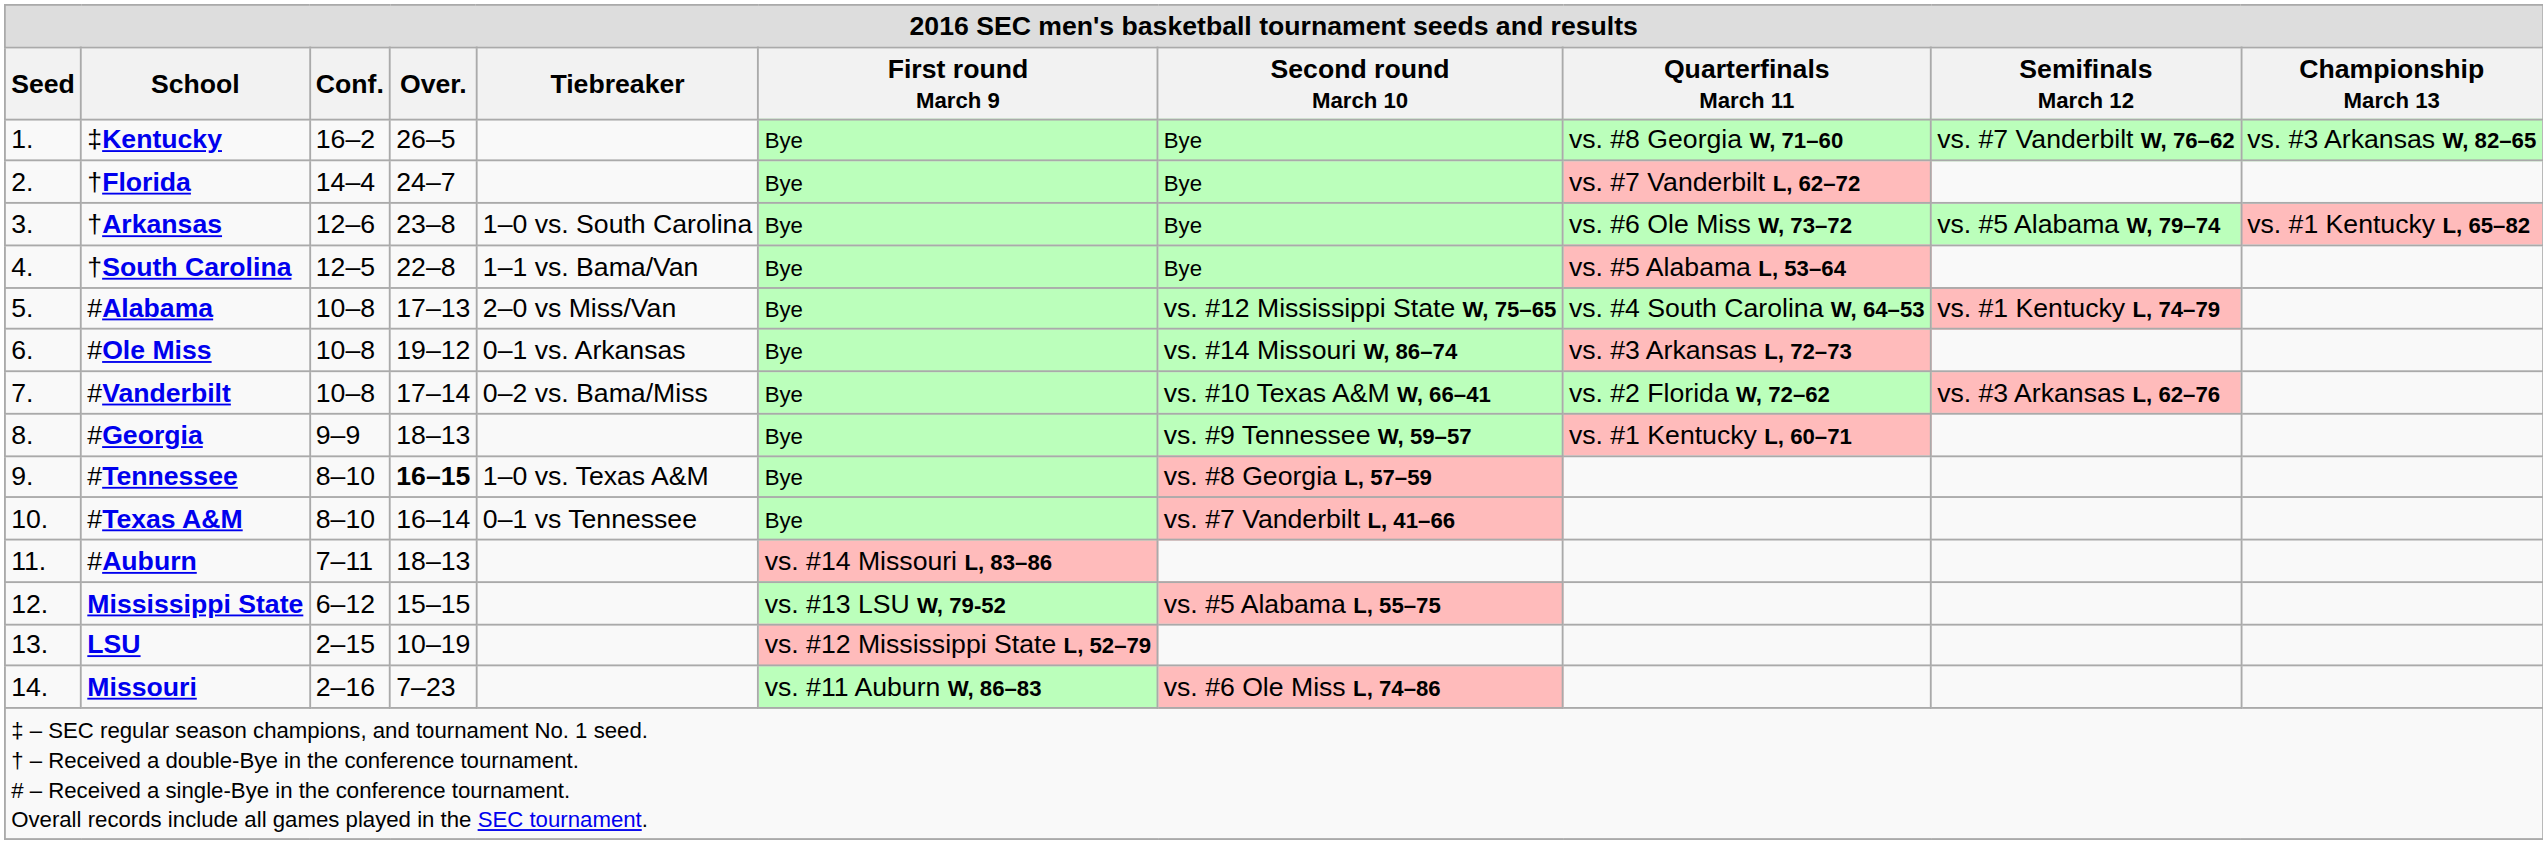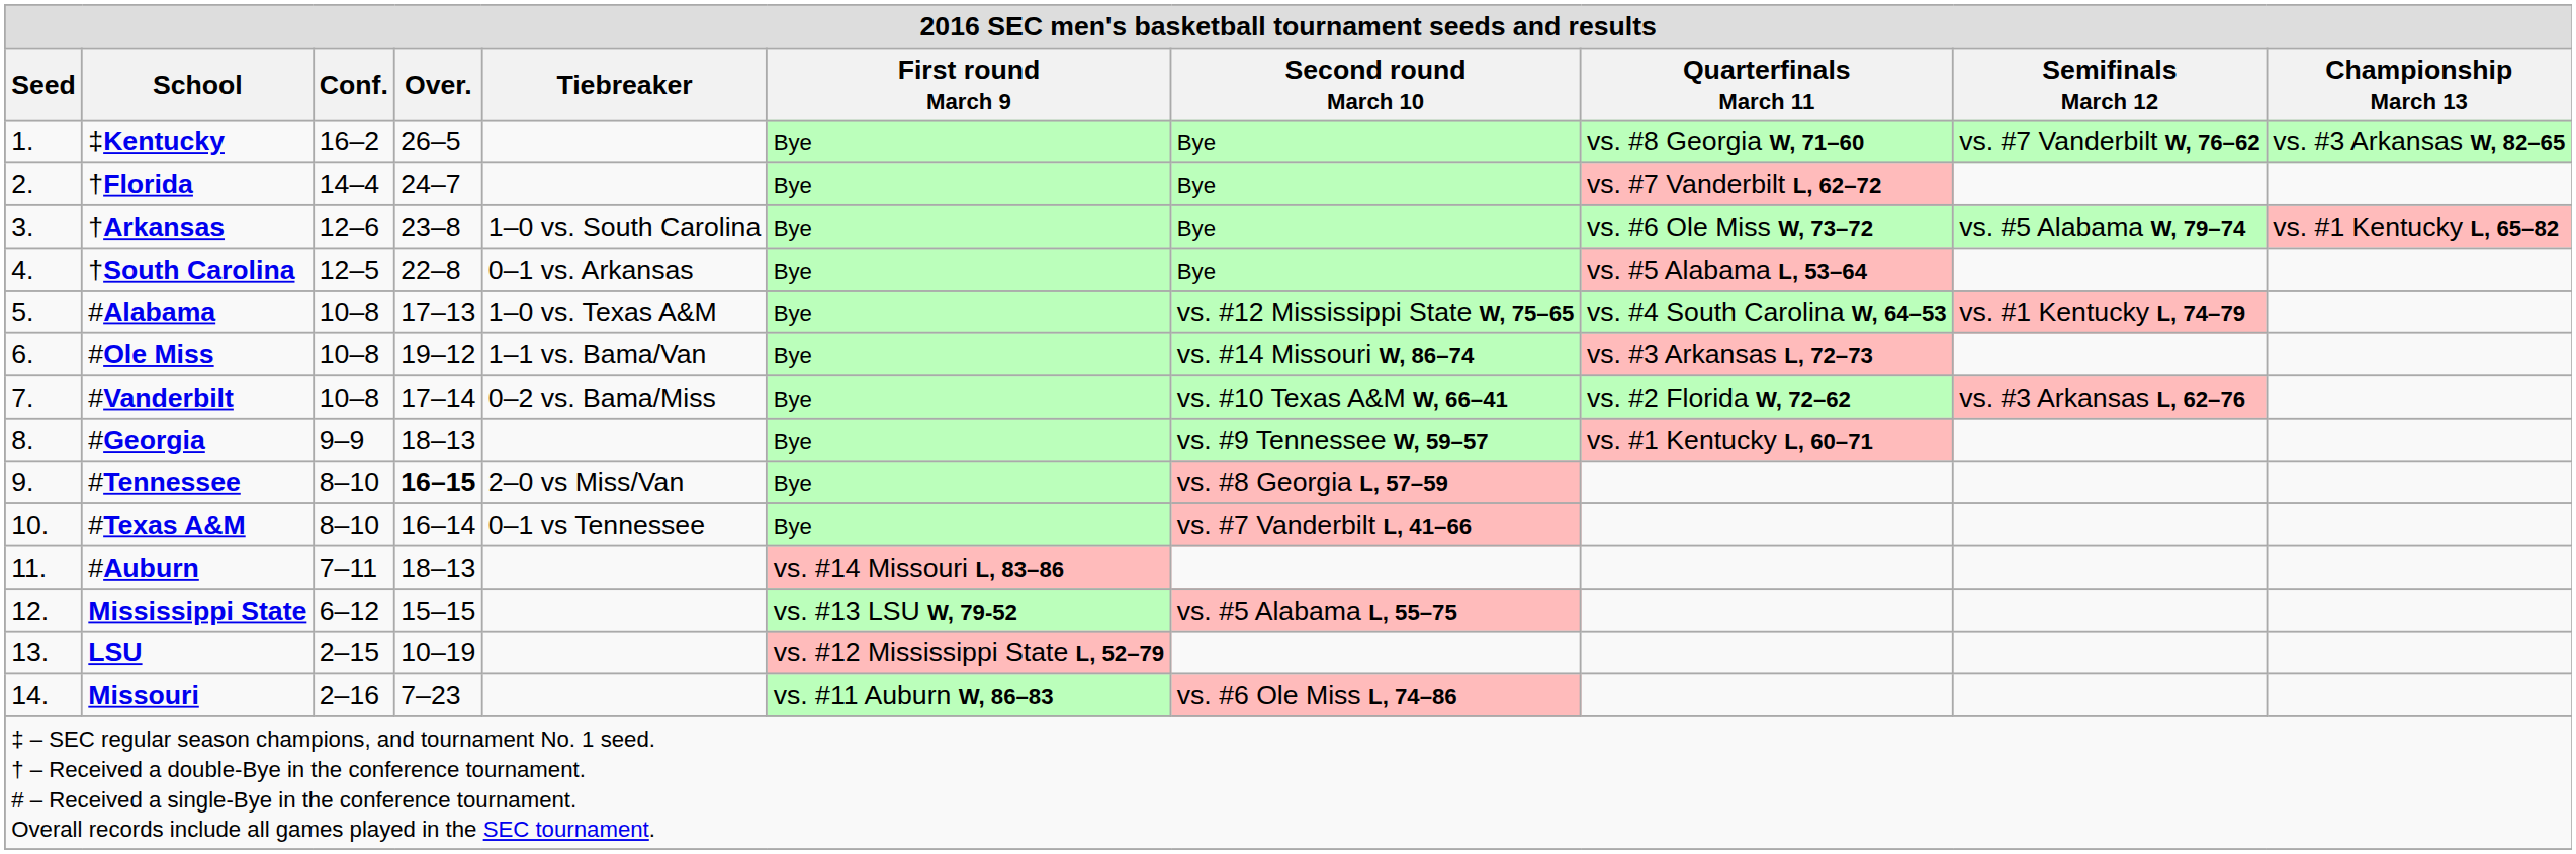 <table class="wikitable" style="white-space:nowrap; font-size:90%;">
 <tr>
 <td colspan="10" style="text-align:center; background:#DDDDDD; font:#000000"><strong>2016 SEC men's basketball tournament seeds and results</strong></td>
 </tr>
 <tr bgcolor="#efefef">
 <th>Seed</th>
 <th>School</th>
 <th>Conf.</th>
 <th>Over.</th>
 <th>Tiebreaker</th>
 <th>First round<br><small>March 9</small></th>
 <th>Second round<br><small>March 10</small></th>
 <th>Quarterfinals<br><small>March 11</small></th>
 <th>Semifinals<br><small>March 12</small></th>
 <th>Championship<br><small>March 13</small></th>
 </tr>
 <tr>
 <td>1.</td>
 <td>‡<strong><a href='#'>Kentucky</a></strong></td>
 <td>16–2</td>
 <td>26–5</td>
 <td></td>
 <td style="background:#bfb;"><small>Bye</small></td>
 <td style="background:#bfb;"><small>Bye</small></td>
 <td style="background:#bfb;">vs. #8 Georgia <small><strong>W, 71–60</strong></small></td>
 <td style="background:#bfb;">vs. #7 Vanderbilt <small><strong>W, 76–62</strong></small></td>
 <td style="background:#bfb;">vs. #3 Arkansas <small><strong>W, 82–65</strong></small></td>
 </tr>
 <tr>
 <td>2.</td>
 <td>†<strong><a href='#'>Florida</a></strong></td>
 <td>14–4</td>
 <td>24–7</td>
 <td></td>
 <td style="background:#bfb;"><small>Bye</small></td>
 <td style="background:#bfb;"><small>Bye</small></td>
 <td style="background:#fbb;">vs. #7 Vanderbilt <small><strong>L, 62–72</strong></small></td>
 <td></td>
 <td></td>
 </tr>
 <tr>
 <td>3.</td>
 <td>†<strong><a href='#'>Arkansas</a></strong></td>
 <td>12–6</td>
 <td>23–8</td>
 <td>1–0 vs. South Carolina</td>
 <td style="background:#bfb;"><small>Bye</small></td>
 <td style="background:#bfb;"><small>Bye</small></td>
 <td style="background:#bfb;">vs. #6 Ole Miss <small><strong>W, 73–72</strong></small></td>
 <td style="background:#bfb;">vs. #5 Alabama <small><strong>W, 79–74</strong></small></td>
 <td style="background:#fbb;">vs. #1 Kentucky <small><strong>L, 65–82</strong></small></td>
 </tr>
 <tr>
 <td>4.</td>
 <td>†<strong><a href='#'>South Carolina</a> </strong></td>
 <td>12–5</td>
 <td>22–8</td>
-<td>1–1 vs. Bama/Van</td>
+<td>0–1 vs. Arkansas</td>
 <td style="background:#bfb;"><small>Bye</small></td>
 <td style="background:#bfb;"><small>Bye</small></td>
 <td style="background:#fbb;">vs. #5 Alabama <small><strong>L, 53–64</strong></small></td>
 <td></td>
 <td></td>
 </tr>
 <tr>
 <td>5.</td>
 <td>#<strong><a href='#'>Alabama</a></strong></td>
 <td>10–8</td>
 <td>17–13</td>
-<td>2–0 vs Miss/Van</td>
+<td>1–0 vs. Texas A&M</td>
 <td style="background:#bfb;"><small>Bye</small></td>
 <td style="background:#bfb;">vs. #12 Mississippi State <small><strong>W, 75–65</strong></small></td>
 <td style="background:#bfb;">vs. #4 South Carolina <small><strong>W, 64–53</strong></small></td>
 <td style="background:#fbb;">vs. #1 Kentucky <small><strong>L, 74–79</strong></small></td>
 <td></td>
 </tr>
 <tr>
 <td>6.</td>
 <td>#<strong><a href='#'>Ole Miss</a></strong></td>
 <td>10–8</td>
 <td>19–12</td>
-<td>0–1 vs. Arkansas</td>
+<td>1–1 vs. Bama/Van</td>
 <td style="background:#bfb;"><small>Bye</small></td>
 <td style="background:#bfb;">vs. #14 Missouri <small><strong>W, 86–74</strong></small></td>
 <td style="background:#fbb;">vs. #3 Arkansas <small><strong>L, 72–73</strong></small></td>
 <td></td>
 <td></td>
 </tr>
 <tr>
 <td>7.</td>
 <td>#<strong><a href='#'>Vanderbilt</a></strong></td>
 <td>10–8</td>
 <td>17–14</td>
 <td>0–2 vs. Bama/Miss</td>
 <td style="background:#bfb;"><small>Bye</small></td>
 <td style="background:#bfb;">vs. #10 Texas A&M <small><strong>W, 66–41</strong></small></td>
 <td style="background:#bfb;">vs. #2 Florida <small><strong>W, 72–62</strong></small></td>
 <td style="background:#fbb;">vs. #3 Arkansas <small><strong>L, 62–76</strong></small></td>
 <td></td>
 </tr>
 <tr>
 <td>8.</td>
 <td>#<strong><a href='#'>Georgia</a></strong></td>
 <td>9–9</td>
 <td>18–13</td>
 <td></td>
 <td style="background:#bfb;"><small>Bye</small></td>
 <td style="background:#bfb;">vs. #9 Tennessee <small><strong>W, 59–57</strong></small></td>
 <td style="background:#fbb;">vs. #1 Kentucky <small><strong>L, 60–71</strong></small></td>
 <td></td>
 <td></td>
 </tr>
 <tr>
 <td>9.</td>
 <td>#<strong><a href='#'>Tennessee</a></strong></td>
 <td>8–10</td>
 <td><strong>16–15</strong></td>
-<td>1–0 vs. Texas A&M</td>
+<td>2–0 vs Miss/Van</td>
 <td style="background:#bfb;"><small>Bye</small></td>
 <td style="background:#fbb;">vs. #8 Georgia <small><strong>L, 57–59</strong></small></td>
 <td></td>
 <td></td>
 <td></td>
 </tr>
 <tr>
 <td>10.</td>
 <td>#<strong><a href='#'>Texas A&M</a></strong></td>
 <td>8–10</td>
 <td>16–14</td>
 <td>0–1 vs Tennessee</td>
 <td style="background:#bfb;"><small>Bye</small></td>
 <td style="background:#fbb;">vs. #7 Vanderbilt <small><strong>L, 41–66</strong></small></td>
 <td></td>
 <td></td>
 <td></td>
 </tr>
 <tr>
 <td>11.</td>
 <td>#<strong><a href='#'>Auburn</a></strong></td>
 <td>7–11</td>
 <td>18–13</td>
 <td></td>
 <td style="background:#fbb;">vs. #14 Missouri <small><strong>L, 83–86</strong></small></td>
 <td></td>
 <td></td>
 <td></td>
 <td></td>
 </tr>
 <tr>
 <td>12.</td>
 <td><strong><a href='#'>Mississippi State</a></strong></td>
 <td>6–12</td>
 <td>15–15</td>
 <td></td>
 <td style="background:#bfb;">vs. #13 LSU <small><strong>W, 79-52</strong></small></td>
 <td style="background:#fbb;">vs. #5 Alabama <small><strong>L, 55–75</strong></small></td>
 <td></td>
 <td></td>
 <td></td>
 </tr>
 <tr>
 <td>13.</td>
 <td><strong><a href='#'>LSU</a></strong></td>
 <td>2–15</td>
 <td>10–19</td>
 <td></td>
 <td style="background:#fbb;">vs. #12 Mississippi State <small><strong>L, 52–79</strong></small></td>
 <td></td>
 <td></td>
 <td></td>
 <td></td>
 </tr>
 <tr>
 <td>14.</td>
 <td><strong><a href='#'>Missouri</a></strong></td>
 <td>2–16</td>
 <td>7–23</td>
 <td></td>
 <td style="background:#bfb;">vs. #11 Auburn <small><strong>W, 86–83</strong></small></td>
 <td style="background:#fbb;">vs. #6 Ole Miss <small><strong>L, 74–86</strong></small></td>
 <td></td>
 <td></td>
 <td></td>
 </tr>
 <tr>
 <td colspan="10" style="text-align:left;"><small>‡ – SEC regular season champions, and tournament No. 1 seed.<br>† – Received a double-Bye in the conference tournament.<br># – Received a single-Bye in the conference tournament.<br>Overall records include all games played in the <a href='#'>SEC tournament</a>.</small></td>
 </tr>
 <tr>
 </tr>
 </table>
